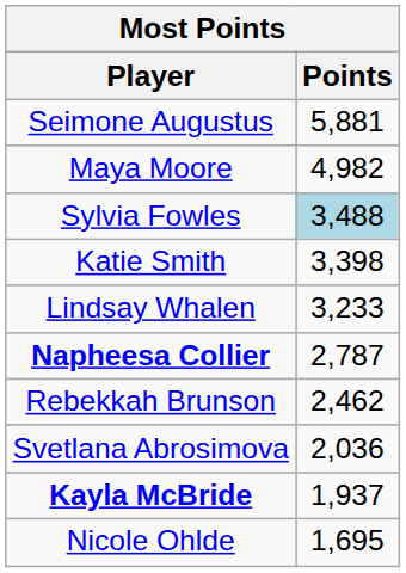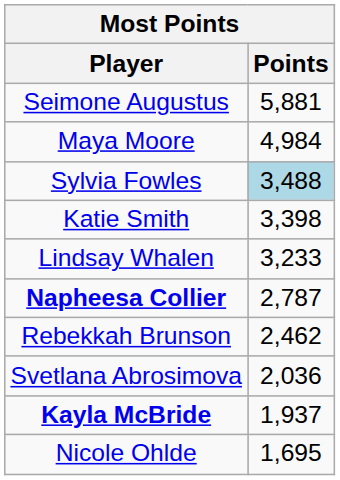 <table class="wikitable sortable" style="text-align:center">
 <tr>
 <th colspan="5">Most Points</th>
 </tr>
 <tr>
 <th>Player</th>
 <th>Points</th>
 </tr>
 <tr>
 <td><a href='#'>Seimone Augustus</a></td>
 <td>5,881</td>
 </tr>
 <tr>
 <td><a href='#'>Maya Moore</a></td>
-<td>4,982</td>
+<td>4,984</td>
 </tr>
 <tr>
 <td><a href='#'>Sylvia Fowles</a></td>
 <td style="background: lightblue;">3,488</td>
 </tr>
 <tr>
 <td><a href='#'>Katie Smith</a></td>
 <td>3,398</td>
 </tr>
 <tr>
 <td><a href='#'>Lindsay Whalen</a></td>
 <td>3,233</td>
 </tr>
 <tr>
 <td><strong><a href='#'>Napheesa Collier</a></strong></td>
 <td>2,787</td>
 </tr>
 <tr>
 <td><a href='#'>Rebekkah Brunson</a></td>
 <td>2,462</td>
 </tr>
 <tr>
 <td><a href='#'>Svetlana Abrosimova</a></td>
 <td>2,036</td>
 </tr>
 <tr>
 <td><strong><a href='#'>Kayla McBride</a></strong></td>
 <td>1,937</td>
 </tr>
 <tr>
 <td><a href='#'>Nicole Ohlde</a></td>
 <td>1,695</td>
 </tr>
 </table>
